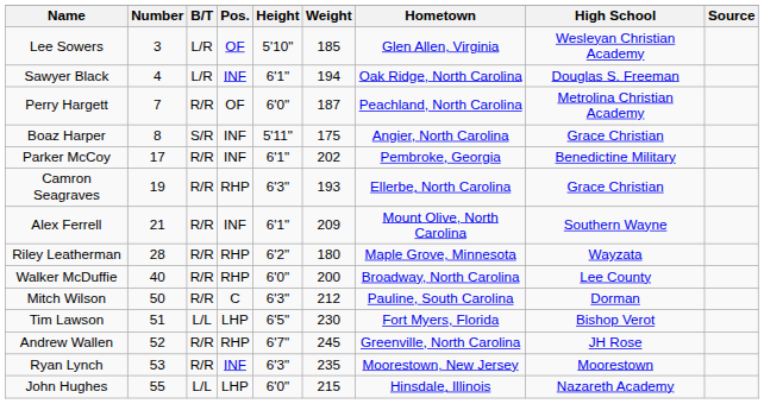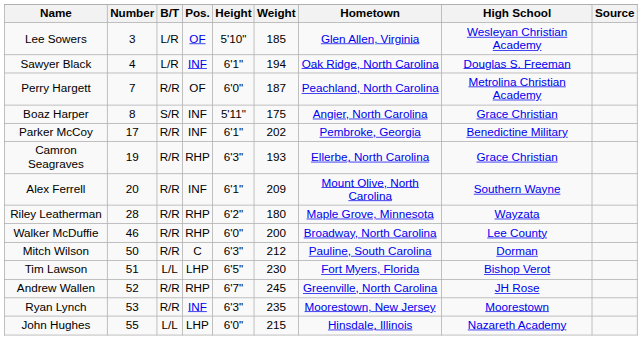 <table class="wikitable sortable collapsible">
 <tr>
 </tr>
 <tr>
 <th style="text-align:center; ">Name</th>
 <th style="text-align:center; ">Number</th>
 <th style="text-align:center; ">B/T</th>
 <th style="text-align:center; ">Pos.</th>
 <th style="text-align:center; ">Height</th>
 <th style="text-align:center; ">Weight</th>
 <th style="text-align:center; ">Hometown</th>
 <th style="text-align:center; ">High School</th>
 <th style="text-align:center; ">Source</th>
 </tr>
 <tr align="center">
 <td>Lee Sowers</td>
 <td>3</td>
 <td>L/R</td>
 <td><a href='#'>OF</a></td>
 <td>5'10"</td>
 <td>185</td>
 <td><a href='#'>Glen Allen, Virginia</a></td>
 <td><a href='#'>Wesleyan Christian Academy</a></td>
 <td></td>
 </tr>
 <tr align="center">
 <td>Sawyer Black</td>
 <td>4</td>
 <td>L/R</td>
 <td><a href='#'>INF</a></td>
 <td>6'1"</td>
 <td>194</td>
 <td><a href='#'>Oak Ridge, North Carolina</a></td>
 <td><a href='#'>Douglas S. Freeman</a></td>
 <td></td>
 </tr>
 <tr align="center">
 <td>Perry Hargett</td>
 <td>7</td>
 <td>R/R</td>
 <td>OF</td>
 <td>6'0"</td>
 <td>187</td>
 <td><a href='#'>Peachland, North Carolina</a></td>
 <td><a href='#'>Metrolina Christian Academy</a></td>
 <td></td>
 </tr>
 <tr align="center">
 <td>Boaz Harper</td>
 <td>8</td>
 <td>S/R</td>
 <td>INF</td>
 <td>5'11"</td>
 <td>175</td>
 <td><a href='#'>Angier, North Carolina</a></td>
 <td><a href='#'>Grace Christian</a></td>
 <td></td>
 </tr>
 <tr align="center">
 <td>Parker McCoy</td>
 <td>17</td>
 <td>R/R</td>
 <td>INF</td>
 <td>6'1"</td>
 <td>202</td>
 <td><a href='#'>Pembroke, Georgia</a></td>
 <td><a href='#'>Benedictine Military</a></td>
 <td></td>
 </tr>
 <tr align="center">
 <td>Camron Seagraves</td>
 <td>19</td>
 <td>R/R</td>
 <td>RHP</td>
 <td>6'3"</td>
 <td>193</td>
 <td><a href='#'>Ellerbe, North Carolina</a></td>
 <td><a href='#'>Grace Christian</a></td>
 <td></td>
 </tr>
 <tr align="center">
 <td>Alex Ferrell</td>
-<td>21</td>
+<td>20</td>
 <td>R/R</td>
 <td>INF</td>
 <td>6'1"</td>
 <td>209</td>
 <td><a href='#'>Mount Olive, North Carolina</a></td>
 <td><a href='#'>Southern Wayne</a></td>
 <td></td>
 </tr>
 <tr align="center">
 <td>Riley Leatherman</td>
 <td>28</td>
 <td>R/R</td>
 <td>RHP</td>
 <td>6'2"</td>
 <td>180</td>
 <td><a href='#'>Maple Grove, Minnesota</a></td>
 <td><a href='#'>Wayzata</a></td>
 <td></td>
 </tr>
 <tr align="center">
 <td>Walker McDuffie</td>
-<td>40</td>
+<td>46</td>
 <td>R/R</td>
 <td>RHP</td>
 <td>6'0"</td>
 <td>200</td>
 <td><a href='#'>Broadway, North Carolina</a></td>
 <td><a href='#'>Lee County</a></td>
 <td></td>
 </tr>
 <tr align="center">
 <td>Mitch Wilson</td>
 <td>50</td>
 <td>R/R</td>
 <td>C</td>
 <td>6'3"</td>
 <td>212</td>
 <td><a href='#'>Pauline, South Carolina</a></td>
 <td><a href='#'>Dorman</a></td>
 <td></td>
 </tr>
 <tr align="center">
 <td>Tim Lawson</td>
 <td>51</td>
 <td>L/L</td>
 <td>LHP</td>
 <td>6'5"</td>
 <td>230</td>
 <td><a href='#'>Fort Myers, Florida</a></td>
 <td><a href='#'>Bishop Verot</a></td>
 <td></td>
 </tr>
 <tr align="center">
 <td>Andrew Wallen</td>
 <td>52</td>
 <td>R/R</td>
 <td>RHP</td>
 <td>6'7"</td>
 <td>245</td>
 <td><a href='#'>Greenville, North Carolina</a></td>
 <td><a href='#'>JH Rose</a></td>
 <td></td>
 </tr>
 <tr align="center">
 <td>Ryan Lynch</td>
 <td>53</td>
 <td>R/R</td>
 <td><a href='#'>INF</a></td>
 <td>6'3"</td>
 <td>235</td>
 <td><a href='#'>Moorestown, New Jersey</a></td>
 <td><a href='#'>Moorestown</a></td>
 <td></td>
 </tr>
 <tr align="center">
 <td>John Hughes</td>
 <td>55</td>
 <td>L/L</td>
 <td>LHP</td>
 <td>6'0"</td>
 <td>215</td>
 <td><a href='#'>Hinsdale, Illinois</a></td>
 <td><a href='#'>Nazareth Academy</a></td>
 <td></td>
 </tr>
 </table>
